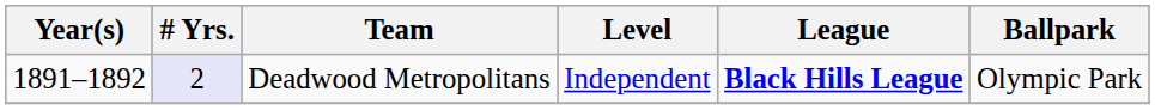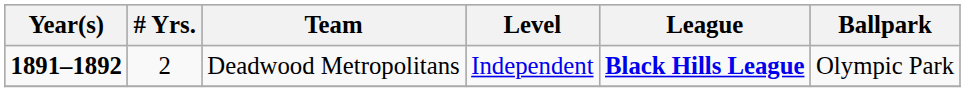 <table class="wikitable" style="text-align:center; font-size: 95%;">
 <tr>
 <th>Year(s)</th>
 <th># Yrs.</th>
 <th>Team</th>
 <th>Level</th>
 <th>League</th>
 <th>Ballpark</th>
 </tr>
 <tr>
-<td>1891–1892</td>
-<td style="background: lavender;">2</td>
+<td><strong>1891–1892</strong></td>
+<td>2</td>
 <td>Deadwood Metropolitans</td>
 <td><a href='#'>Independent</a></td>
 <td><strong><a href='#'>Black Hills League</a></strong></td>
 <td>Olympic Park</td>
 </tr>
 <tr>
 </tr>
 </table>
